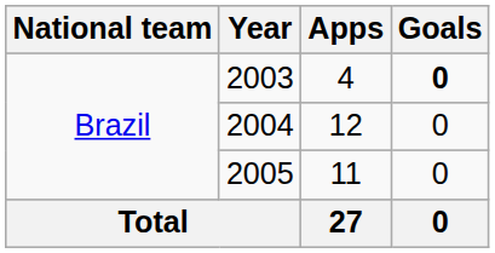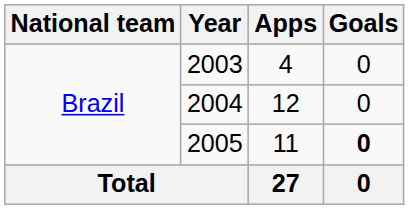 <table class="wikitable" style="text-align:center">
 <tr>
 <th>National team</th>
 <th>Year</th>
 <th>Apps</th>
 <th>Goals</th>
 </tr>
 <tr>
 <td rowspan="3"><a href='#'>Brazil</a></td>
 <td>2003</td>
 <td>4</td>
-<td><strong>0</strong></td>
+<td>0</td>
 </tr>
 <tr>
 <td>2004</td>
 <td>12</td>
 <td>0</td>
 </tr>
 <tr>
 <td>2005</td>
 <td>11</td>
-<td>0</td>
+<td><strong>0</strong></td>
 </tr>
 <tr>
 <th colspan="2">Total</th>
 <th>27</th>
 <th>0</th>
 </tr>
 </table>
